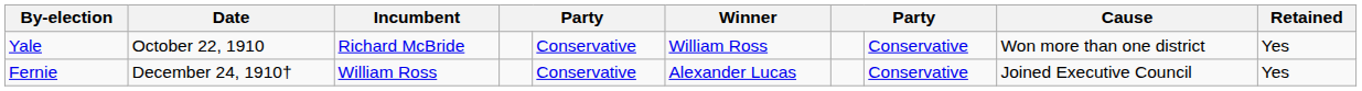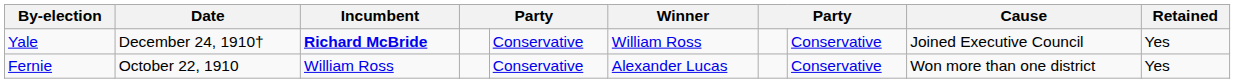 <table class=wikitable style="width:100%">
 <tr>
 <th>By-election</th>
 <th>Date</th>
 <th>Incumbent</th>
 <th colspan=2>Party</th>
 <th>Winner</th>
 <th colspan=2>Party</th>
 <th>Cause</th>
 <th>Retained</th>
 </tr>
 <tr>
 <td><a href='#'>Yale</a></td>
-<td>October 22, 1910</td>
-<td><a href='#'>Richard McBride</a></td>
+<td>December 24, 1910†</td>
+<td><strong><a href='#'>Richard McBride</a></strong></td>
 <td>    </td>
 <td><a href='#'>Conservative</a></td>
 <td><a href='#'>William Ross</a></td>
 <td>    </td>
 <td><a href='#'>Conservative</a></td>
-<td>Won more than one district</td>
+<td>Joined Executive Council</td>
 <td>Yes</td>
 </tr>
 <tr>
 <td><a href='#'>Fernie</a></td>
-<td>December 24, 1910†</td>
+<td>October 22, 1910</td>
 <td><a href='#'>William Ross</a></td>
 <td>    </td>
 <td><a href='#'>Conservative</a></td>
 <td><a href='#'>Alexander Lucas</a></td>
 <td>    </td>
 <td><a href='#'>Conservative</a></td>
-<td>Joined Executive Council</td>
+<td>Won more than one district</td>
 <td>Yes</td>
 </tr>
 </table>
